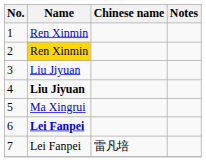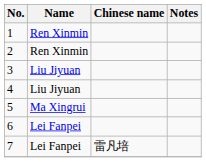 <table class="wikitable">
 <tr>
 <th>No.</th>
 <th>Name</th>
 <th>Chinese name</th>
 <th>Notes</th>
 </tr>
 <tr>
 <td>1</td>
 <td><a href='#'>Ren Xinmin</a></td>
 <td></td>
 <td></td>
 </tr>
 <tr>
 <td>2</td>
-<td style="background: gold;">Ren Xinmin</td>
+<td>Ren Xinmin</td>
 <td></td>
 <td></td>
 </tr>
 <tr>
 <td>3</td>
 <td><a href='#'>Liu Jiyuan</a></td>
 <td></td>
 <td></td>
 </tr>
 <tr>
 <td>4</td>
-<td><strong>Liu Jiyuan</strong></td>
+<td>Liu Jiyuan</td>
 <td></td>
 <td></td>
 </tr>
 <tr>
 <td>5</td>
 <td><a href='#'>Ma Xingrui</a></td>
 <td></td>
 <td></td>
 </tr>
 <tr>
 <td>6</td>
-<td><strong><a href='#'>Lei Fanpei</a></strong></td>
+<td><a href='#'>Lei Fanpei</a></td>
 <td></td>
 <td></td>
 </tr>
 <tr>
 <td>7</td>
 <td>Lei Fanpei</td>
 <td>雷凡培</td>
 <td></td>
 </tr>
 <tr>
 </tr>
 </table>
